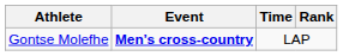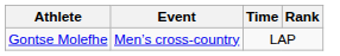 <table class=wikitable style="font-size:90%;">
 <tr>
 <th>Athlete</th>
 <th>Event</th>
 <th>Time</th>
 <th>Rank</th>
 </tr>
 <tr align=center>
 <td align=left><a href='#'>Gontse Molefhe</a></td>
-<td align=left rowspan=1><strong><a href='#'>Men’s cross-country</a></strong></td>
+<td align=left rowspan=1><a href='#'>Men’s cross-country</a></td>
 <td colspan=2>LAP</td>
 </tr>
 </table>
